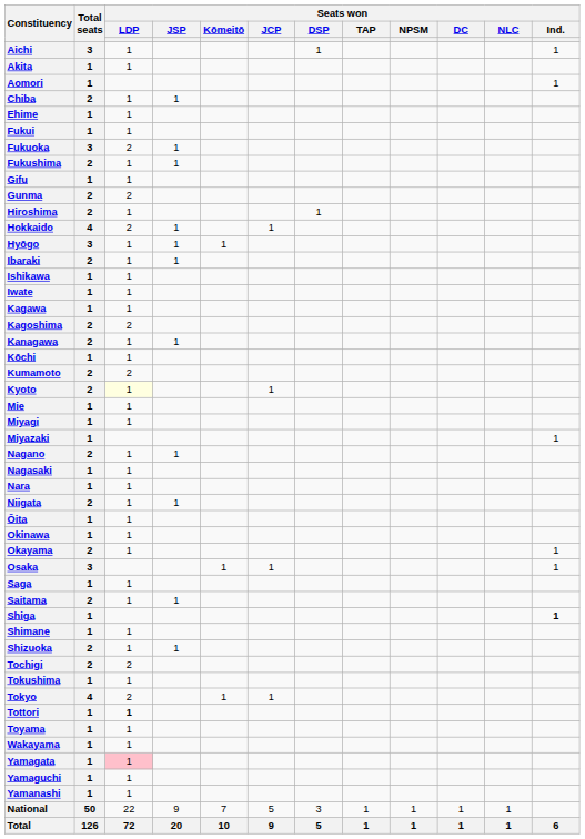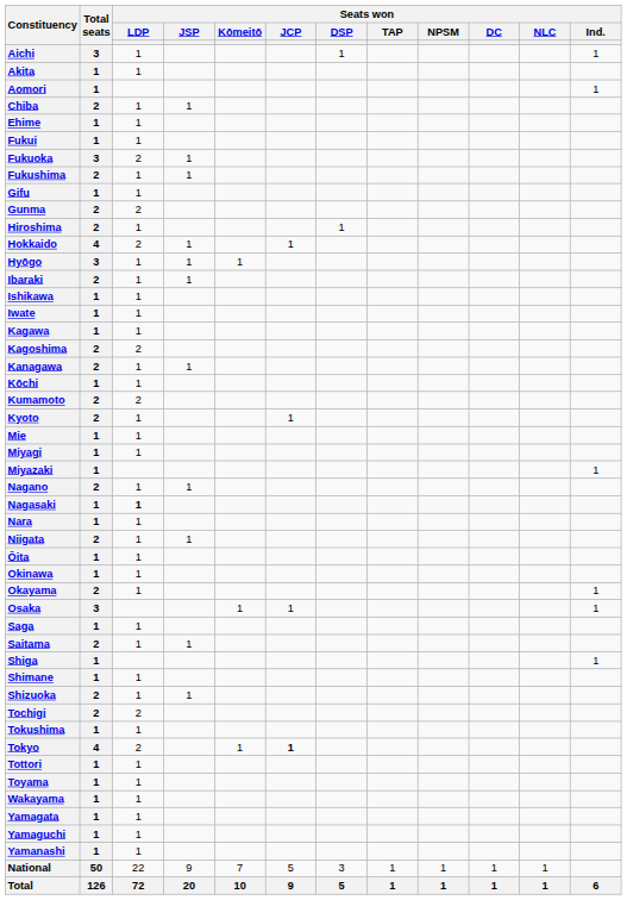 <table class="wikitable" style="text-align:center; font-size: 0.9em;">
 <tr>
 <th rowspan="3">Constituency</th>
 <th rowspan="3">Total<br>seats</th>
 <th colspan="10">Seats won</th>
 </tr>
 <tr>
 <th class="unsortable" style="width:60px;"><a href='#'>LDP</a></th>
 <th class="unsortable" style="width:60px;"><a href='#'>JSP</a></th>
 <th class="unsortable" style="width:60px;"><a href='#'>Kōmeitō</a></th>
 <th class="unsortable" style="width:60px;"><a href='#'>JCP</a></th>
 <th class="unsortable" style="width:60px;"><a href='#'>DSP</a></th>
 <th class="unsortable" style="width:60px;">TAP</th>
 <th class="unsortable" style="width:60px;">NPSM</th>
 <th class="unsortable" style="width:60px;"><a href='#'>DC</a></th>
 <th class="unsortable" style="width:60px;"><a href='#'>NLC</a></th>
 <th class="unsortable" style="width:60px;">Ind.</th>
 </tr>
 <tr>
 <th style="background:"></th>
 <th style="background:"></th>
 <th style="background:"></th>
 <th style="background:"></th>
 <th style="background:"></th>
 <th></th>
 <th></th>
 <th style="background:"></th>
 <th style="background:"></th>
 <th style="background:"></th>
 </tr>
 <tr>
 <th style="text-align: left;"><a href='#'>Aichi</a></th>
 <th>3</th>
 <td>1</td>
 <td></td>
 <td></td>
 <td></td>
 <td>1</td>
 <td></td>
 <td></td>
 <td></td>
 <td></td>
 <td>1</td>
 </tr>
 <tr>
 <th style="text-align: left;"><a href='#'>Akita</a></th>
 <th>1</th>
 <td>1</td>
 <td></td>
 <td></td>
 <td></td>
 <td></td>
 <td></td>
 <td></td>
 <td></td>
 <td></td>
 <td></td>
 </tr>
 <tr>
 <th style="text-align: left;"><a href='#'>Aomori</a></th>
 <th>1</th>
 <td></td>
 <td></td>
 <td></td>
 <td></td>
 <td></td>
 <td></td>
 <td></td>
 <td></td>
 <td></td>
 <td>1</td>
 </tr>
 <tr>
 <th style="text-align: left;"><a href='#'>Chiba</a></th>
 <th>2</th>
 <td>1</td>
 <td>1</td>
 <td></td>
 <td></td>
 <td></td>
 <td></td>
 <td></td>
 <td></td>
 <td></td>
 <td></td>
 </tr>
 <tr>
 <th style="text-align: left;"><a href='#'>Ehime</a></th>
 <th>1</th>
 <td>1</td>
 <td></td>
 <td></td>
 <td></td>
 <td></td>
 <td></td>
 <td></td>
 <td></td>
 <td></td>
 <td></td>
 </tr>
 <tr>
 <th style="text-align: left;"><a href='#'>Fukui</a></th>
 <th>1</th>
 <td>1</td>
 <td></td>
 <td></td>
 <td></td>
 <td></td>
 <td></td>
 <td></td>
 <td></td>
 <td></td>
 <td></td>
 </tr>
 <tr>
 <th style="text-align: left;"><a href='#'>Fukuoka</a></th>
 <th>3</th>
 <td>2</td>
 <td>1</td>
 <td></td>
 <td></td>
 <td></td>
 <td></td>
 <td></td>
 <td></td>
 <td></td>
 <td></td>
 </tr>
 <tr>
 <th style="text-align: left;"><a href='#'>Fukushima</a></th>
 <th>2</th>
 <td>1</td>
 <td>1</td>
 <td></td>
 <td></td>
 <td></td>
 <td></td>
 <td></td>
 <td></td>
 <td></td>
 <td></td>
 </tr>
 <tr>
 <th style="text-align: left;"><a href='#'>Gifu</a></th>
 <th>1</th>
 <td>1</td>
 <td></td>
 <td></td>
 <td></td>
 <td></td>
 <td></td>
 <td></td>
 <td></td>
 <td></td>
 <td></td>
 </tr>
 <tr>
 <th style="text-align: left;"><a href='#'>Gunma</a></th>
 <th>2</th>
 <td>2</td>
 <td></td>
 <td></td>
 <td></td>
 <td></td>
 <td></td>
 <td></td>
 <td></td>
 <td></td>
 <td></td>
 </tr>
 <tr>
 <th style="text-align: left;"><a href='#'>Hiroshima</a></th>
 <th>2</th>
 <td>1</td>
 <td></td>
 <td></td>
 <td></td>
 <td>1</td>
 <td></td>
 <td></td>
 <td></td>
 <td></td>
 <td></td>
 </tr>
 <tr>
 <th style="text-align: left;"><a href='#'>Hokkaido</a></th>
 <th>4</th>
 <td>2</td>
 <td>1</td>
 <td></td>
 <td>1</td>
 <td></td>
 <td></td>
 <td></td>
 <td></td>
 <td></td>
 <td></td>
 </tr>
 <tr>
 <th style="text-align: left;"><a href='#'>Hyōgo</a></th>
 <th>3</th>
 <td>1</td>
 <td>1</td>
 <td>1</td>
 <td></td>
 <td></td>
 <td></td>
 <td></td>
 <td></td>
 <td></td>
 <td></td>
 </tr>
 <tr>
 <th style="text-align: left;"><a href='#'>Ibaraki</a></th>
 <th>2</th>
 <td>1</td>
 <td>1</td>
 <td></td>
 <td></td>
 <td></td>
 <td></td>
 <td></td>
 <td></td>
 <td></td>
 <td></td>
 </tr>
 <tr>
 <th style="text-align: left;"><a href='#'>Ishikawa</a></th>
 <th>1</th>
 <td>1</td>
 <td></td>
 <td></td>
 <td></td>
 <td></td>
 <td></td>
 <td></td>
 <td></td>
 <td></td>
 <td></td>
 </tr>
 <tr>
 <th style="text-align: left;"><a href='#'>Iwate</a></th>
 <th>1</th>
 <td>1</td>
 <td></td>
 <td></td>
 <td></td>
 <td></td>
 <td></td>
 <td></td>
 <td></td>
 <td></td>
 <td></td>
 </tr>
 <tr>
 <th style="text-align: left;"><a href='#'>Kagawa</a></th>
 <th>1</th>
 <td>1</td>
 <td></td>
 <td></td>
 <td></td>
 <td></td>
 <td></td>
 <td></td>
 <td></td>
 <td></td>
 <td></td>
 </tr>
 <tr>
 <th style="text-align: left;"><a href='#'>Kagoshima</a></th>
 <th>2</th>
 <td>2</td>
 <td></td>
 <td></td>
 <td></td>
 <td></td>
 <td></td>
 <td></td>
 <td></td>
 <td></td>
 <td></td>
 </tr>
 <tr>
 <th style="text-align: left;"><a href='#'>Kanagawa</a></th>
 <th>2</th>
 <td>1</td>
 <td>1</td>
 <td></td>
 <td></td>
 <td></td>
 <td></td>
 <td></td>
 <td></td>
 <td></td>
 <td></td>
 </tr>
 <tr>
 <th style="text-align: left;"><a href='#'>Kōchi</a></th>
 <th>1</th>
 <td>1</td>
 <td></td>
 <td></td>
 <td></td>
 <td></td>
 <td></td>
 <td></td>
 <td></td>
 <td></td>
 <td></td>
 </tr>
 <tr>
 <th style="text-align: left;"><a href='#'>Kumamoto</a></th>
 <th>2</th>
 <td>2</td>
 <td></td>
 <td></td>
 <td></td>
 <td></td>
 <td></td>
 <td></td>
 <td></td>
 <td></td>
 <td></td>
 </tr>
 <tr>
 <th style="text-align: left;"><a href='#'>Kyoto</a></th>
 <th>2</th>
-<td style="background: lightyellow;">1</td>
+<td>1</td>
 <td></td>
 <td></td>
 <td>1</td>
 <td></td>
 <td></td>
 <td></td>
 <td></td>
 <td></td>
 <td></td>
 </tr>
 <tr>
 <th style="text-align: left;"><a href='#'>Mie</a></th>
 <th>1</th>
 <td>1</td>
 <td></td>
 <td></td>
 <td></td>
 <td></td>
 <td></td>
 <td></td>
 <td></td>
 <td></td>
 <td></td>
 </tr>
 <tr>
 <th style="text-align: left;"><a href='#'>Miyagi</a></th>
 <th>1</th>
 <td>1</td>
 <td></td>
 <td></td>
 <td></td>
 <td></td>
 <td></td>
 <td></td>
 <td></td>
 <td></td>
 <td></td>
 </tr>
 <tr>
 <th style="text-align: left;"><a href='#'>Miyazaki</a></th>
 <th>1</th>
 <td></td>
 <td></td>
 <td></td>
 <td></td>
 <td></td>
 <td></td>
 <td></td>
 <td></td>
 <td></td>
 <td>1</td>
 </tr>
 <tr>
 <th style="text-align: left;"><a href='#'>Nagano</a></th>
 <th>2</th>
 <td>1</td>
 <td>1</td>
 <td></td>
 <td></td>
 <td></td>
 <td></td>
 <td></td>
 <td></td>
 <td></td>
 <td></td>
 </tr>
 <tr>
 <th style="text-align: left;"><a href='#'>Nagasaki</a></th>
 <th>1</th>
-<td>1</td>
+<td><strong>1</strong></td>
 <td></td>
 <td></td>
 <td></td>
 <td></td>
 <td></td>
 <td></td>
 <td></td>
 <td></td>
 <td></td>
 </tr>
 <tr>
 <th style="text-align: left;"><a href='#'>Nara</a></th>
 <th>1</th>
 <td>1</td>
 <td></td>
 <td></td>
 <td></td>
 <td></td>
 <td></td>
 <td></td>
 <td></td>
 <td></td>
 <td></td>
 </tr>
 <tr>
 <th style="text-align: left;"><a href='#'>Niigata</a></th>
 <th>2</th>
 <td>1</td>
 <td>1</td>
 <td></td>
 <td></td>
 <td></td>
 <td></td>
 <td></td>
 <td></td>
 <td></td>
 <td></td>
 </tr>
 <tr>
 <th style="text-align: left;"><a href='#'>Ōita</a></th>
 <th>1</th>
 <td>1</td>
 <td></td>
 <td></td>
 <td></td>
 <td></td>
 <td></td>
 <td></td>
 <td></td>
 <td></td>
 <td></td>
 </tr>
 <tr>
 <th style="text-align: left;"><a href='#'>Okinawa</a></th>
 <th>1</th>
 <td>1</td>
 <td></td>
 <td></td>
 <td></td>
 <td></td>
 <td></td>
 <td></td>
 <td></td>
 <td></td>
 <td></td>
 </tr>
 <tr>
 <th style="text-align: left;"><a href='#'>Okayama</a></th>
 <th>2</th>
 <td>1</td>
 <td></td>
 <td></td>
 <td></td>
 <td></td>
 <td></td>
 <td></td>
 <td></td>
 <td></td>
 <td>1</td>
 </tr>
 <tr>
 <th style="text-align: left;"><a href='#'>Osaka</a></th>
 <th>3</th>
 <td></td>
 <td></td>
 <td>1</td>
 <td>1</td>
 <td></td>
 <td></td>
 <td></td>
 <td></td>
 <td></td>
 <td>1</td>
 </tr>
 <tr>
 <th style="text-align: left;"><a href='#'>Saga</a></th>
 <th>1</th>
 <td>1</td>
 <td></td>
 <td></td>
 <td></td>
 <td></td>
 <td></td>
 <td></td>
 <td></td>
 <td></td>
 <td></td>
 </tr>
 <tr>
 <th style="text-align: left;"><a href='#'>Saitama</a></th>
 <th>2</th>
 <td>1</td>
 <td>1</td>
 <td></td>
 <td></td>
 <td></td>
 <td></td>
 <td></td>
 <td></td>
 <td></td>
 <td></td>
 </tr>
 <tr>
 <th style="text-align: left;"><a href='#'>Shiga</a></th>
 <th>1</th>
 <td></td>
 <td></td>
 <td></td>
 <td></td>
 <td></td>
 <td></td>
 <td></td>
 <td></td>
 <td></td>
-<td><strong>1</strong></td>
+<td>1</td>
 </tr>
 <tr>
 <th style="text-align: left;"><a href='#'>Shimane</a></th>
 <th>1</th>
 <td>1</td>
 <td></td>
 <td></td>
 <td></td>
 <td></td>
 <td></td>
 <td></td>
 <td></td>
 <td></td>
 <td></td>
 </tr>
 <tr>
 <th style="text-align: left;"><a href='#'>Shizuoka</a></th>
 <th>2</th>
 <td>1</td>
 <td>1</td>
 <td></td>
 <td></td>
 <td></td>
 <td></td>
 <td></td>
 <td></td>
 <td></td>
 <td></td>
 </tr>
 <tr>
 <th style="text-align: left;"><a href='#'>Tochigi</a></th>
 <th>2</th>
 <td>2</td>
 <td></td>
 <td></td>
 <td></td>
 <td></td>
 <td></td>
 <td></td>
 <td></td>
 <td></td>
 <td></td>
 </tr>
 <tr>
 <th style="text-align: left;"><a href='#'>Tokushima</a></th>
 <th>1</th>
 <td>1</td>
 <td></td>
 <td></td>
 <td></td>
 <td></td>
 <td></td>
 <td></td>
 <td></td>
 <td></td>
 <td></td>
 </tr>
 <tr>
 <th style="text-align: left;"><a href='#'>Tokyo</a></th>
 <th>4</th>
 <td>2</td>
 <td></td>
 <td>1</td>
-<td>1</td>
+<td><strong>1</strong></td>
 <td></td>
 <td></td>
 <td></td>
 <td></td>
 <td></td>
 <td></td>
 </tr>
 <tr>
 <th style="text-align: left;"><a href='#'>Tottori</a></th>
 <th>1</th>
-<td><strong>1</strong></td>
+<td>1</td>
 <td></td>
 <td></td>
 <td></td>
 <td></td>
 <td></td>
 <td></td>
 <td></td>
 <td></td>
 <td></td>
 </tr>
 <tr>
 <th style="text-align: left;"><a href='#'>Toyama</a></th>
 <th>1</th>
 <td>1</td>
 <td></td>
 <td></td>
 <td></td>
 <td></td>
 <td></td>
 <td></td>
 <td></td>
 <td></td>
 <td></td>
 </tr>
 <tr>
 <th style="text-align: left;"><a href='#'>Wakayama</a></th>
 <th>1</th>
 <td>1</td>
 <td></td>
 <td></td>
 <td></td>
 <td></td>
 <td></td>
 <td></td>
 <td></td>
 <td></td>
 <td></td>
 </tr>
 <tr>
 <th style="text-align: left;"><a href='#'>Yamagata</a></th>
 <th>1</th>
-<td style="background: pink;">1</td>
+<td>1</td>
 <td></td>
 <td></td>
 <td></td>
 <td></td>
 <td></td>
 <td></td>
 <td></td>
 <td></td>
 <td></td>
 </tr>
 <tr>
 <th style="text-align: left;"><a href='#'>Yamaguchi</a></th>
 <th>1</th>
 <td>1</td>
 <td></td>
 <td></td>
 <td></td>
 <td></td>
 <td></td>
 <td></td>
 <td></td>
 <td></td>
 <td></td>
 </tr>
 <tr>
 <th style="text-align: left;"><a href='#'>Yamanashi</a></th>
 <th>1</th>
 <td>1</td>
 <td></td>
 <td></td>
 <td></td>
 <td></td>
 <td></td>
 <td></td>
 <td></td>
 <td></td>
 <td></td>
 </tr>
 <tr>
 <th style="text-align: left;">National</th>
 <th>50</th>
 <td>22</td>
 <td>9</td>
 <td>7</td>
 <td>5</td>
 <td>3</td>
 <td>1</td>
 <td>1</td>
 <td>1</td>
 <td>1</td>
 <td></td>
 </tr>
 <tr class="sortbottom">
 <th style="text-align: left;">Total</th>
 <th>126</th>
 <th>72</th>
 <th>20</th>
 <th>10</th>
 <th>9</th>
 <th>5</th>
 <th>1</th>
 <th>1</th>
 <th>1</th>
 <th>1</th>
 <th>6</th>
 </tr>
 </table>
